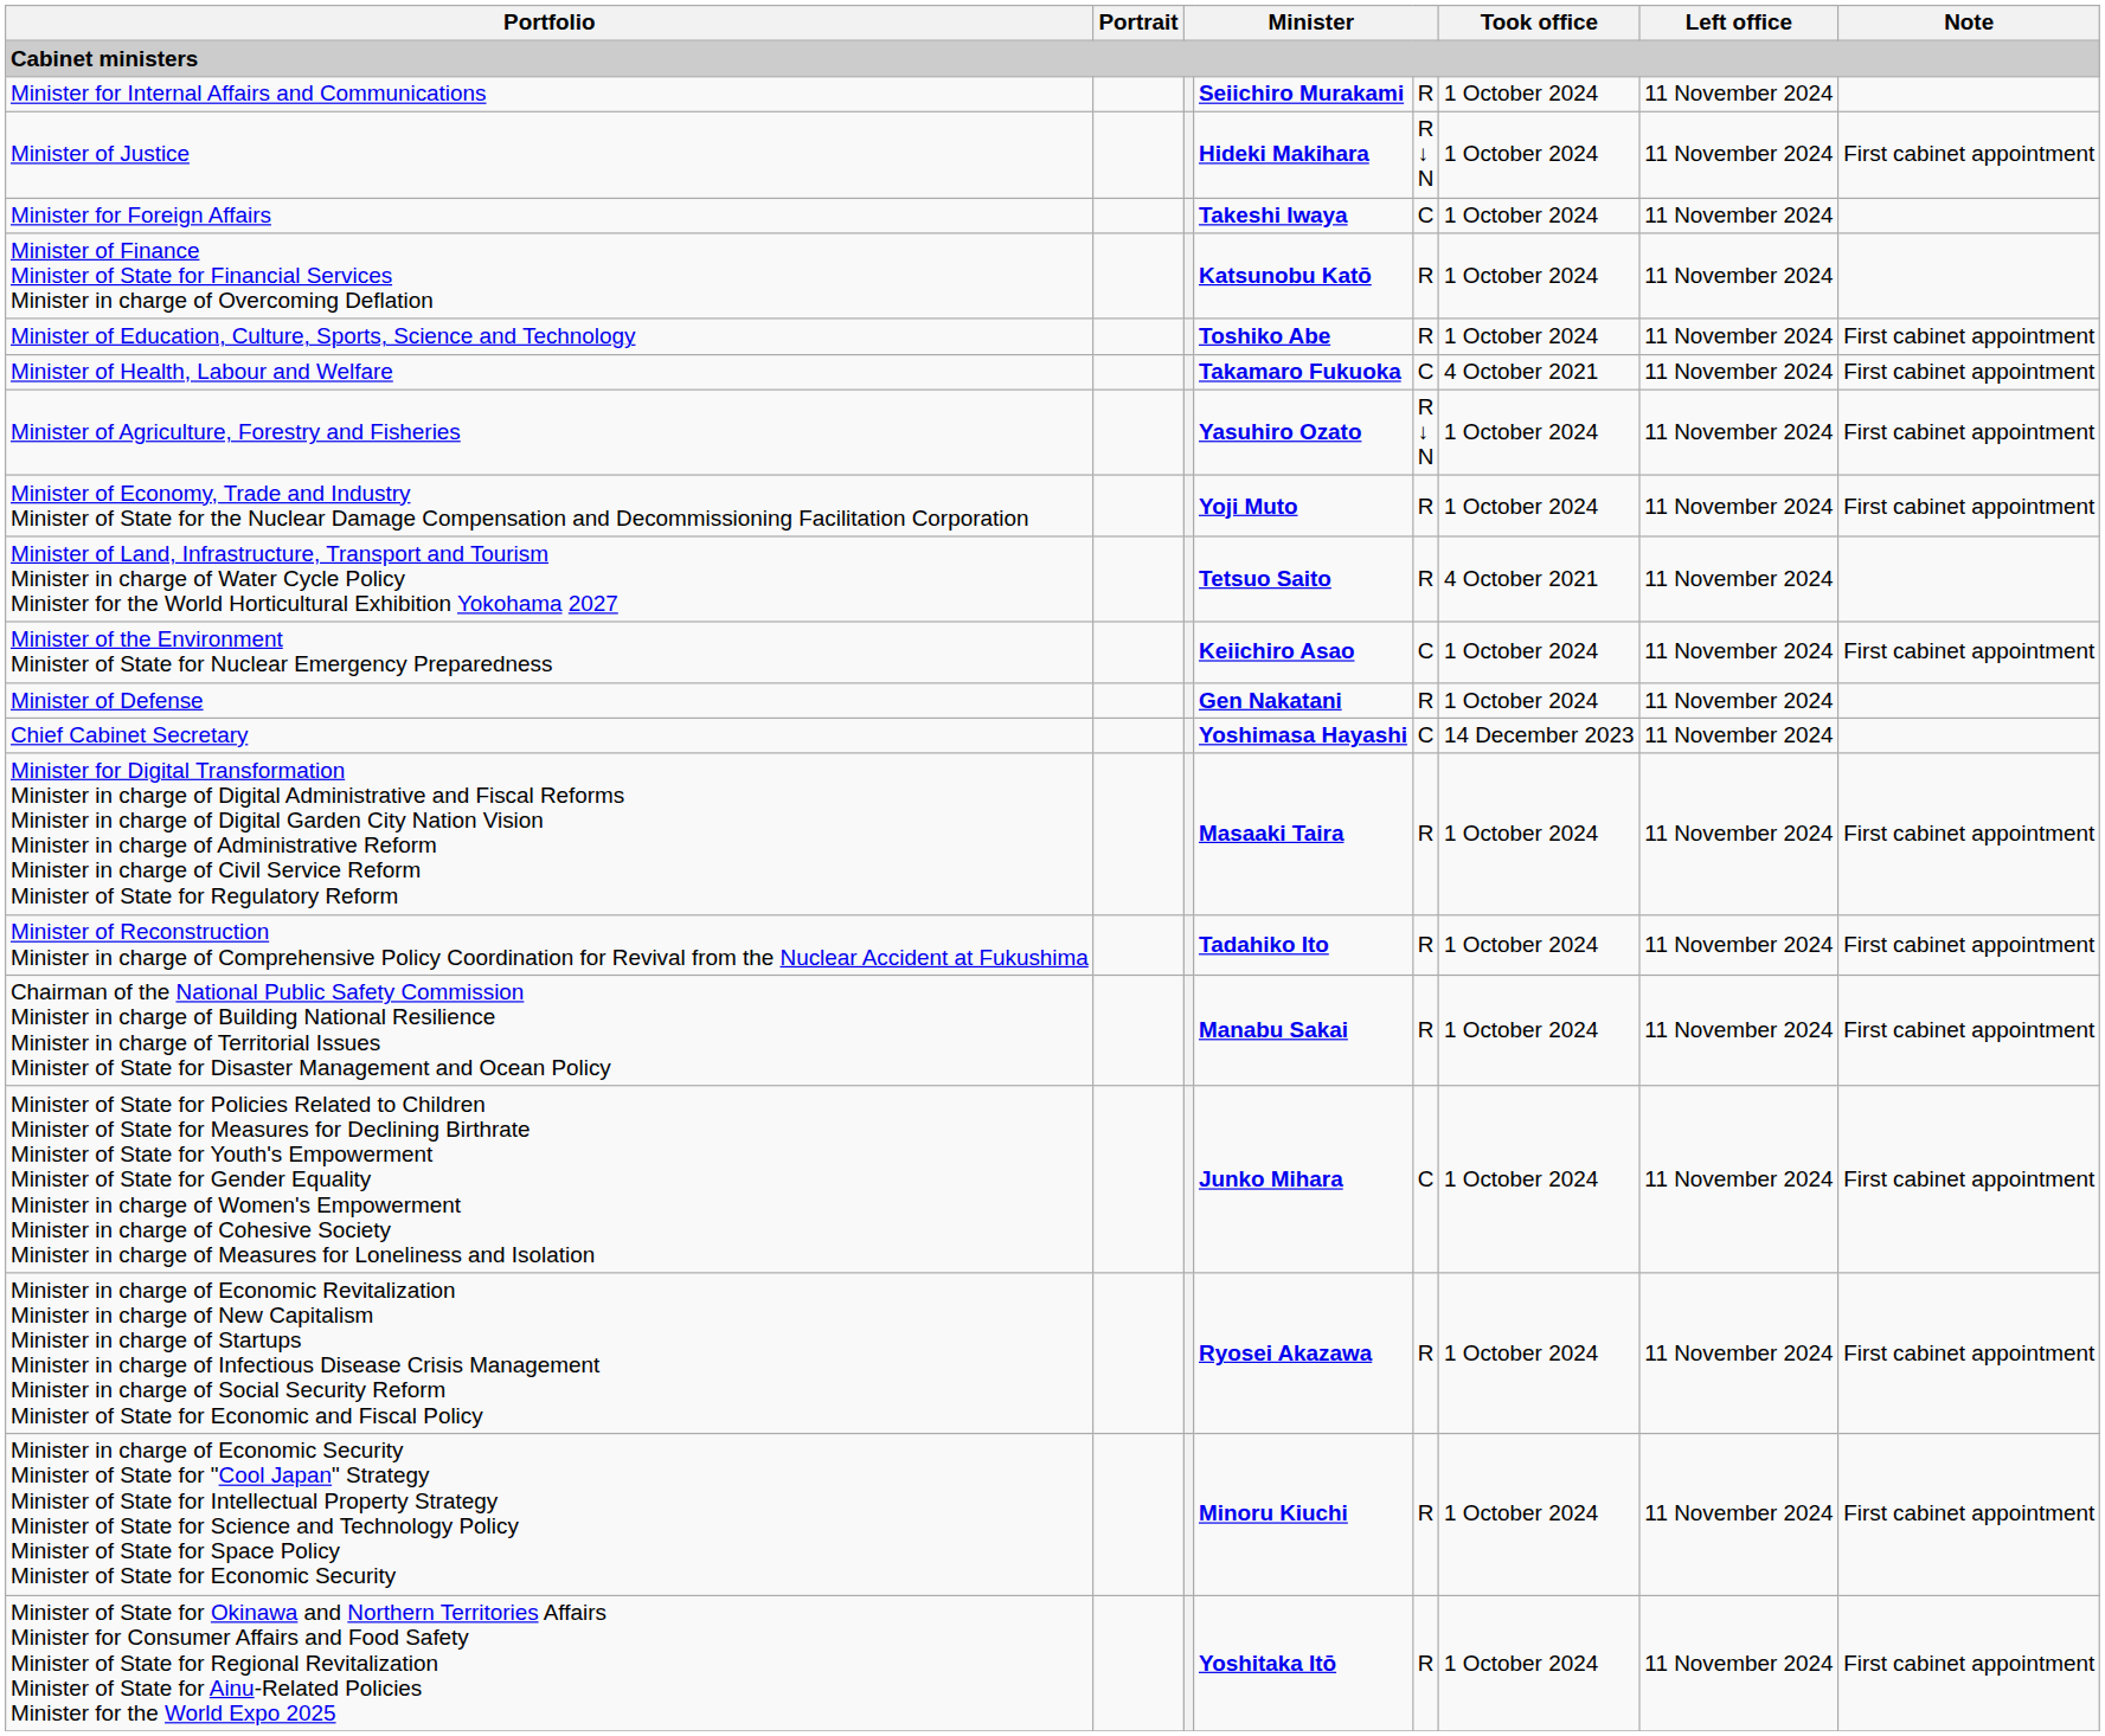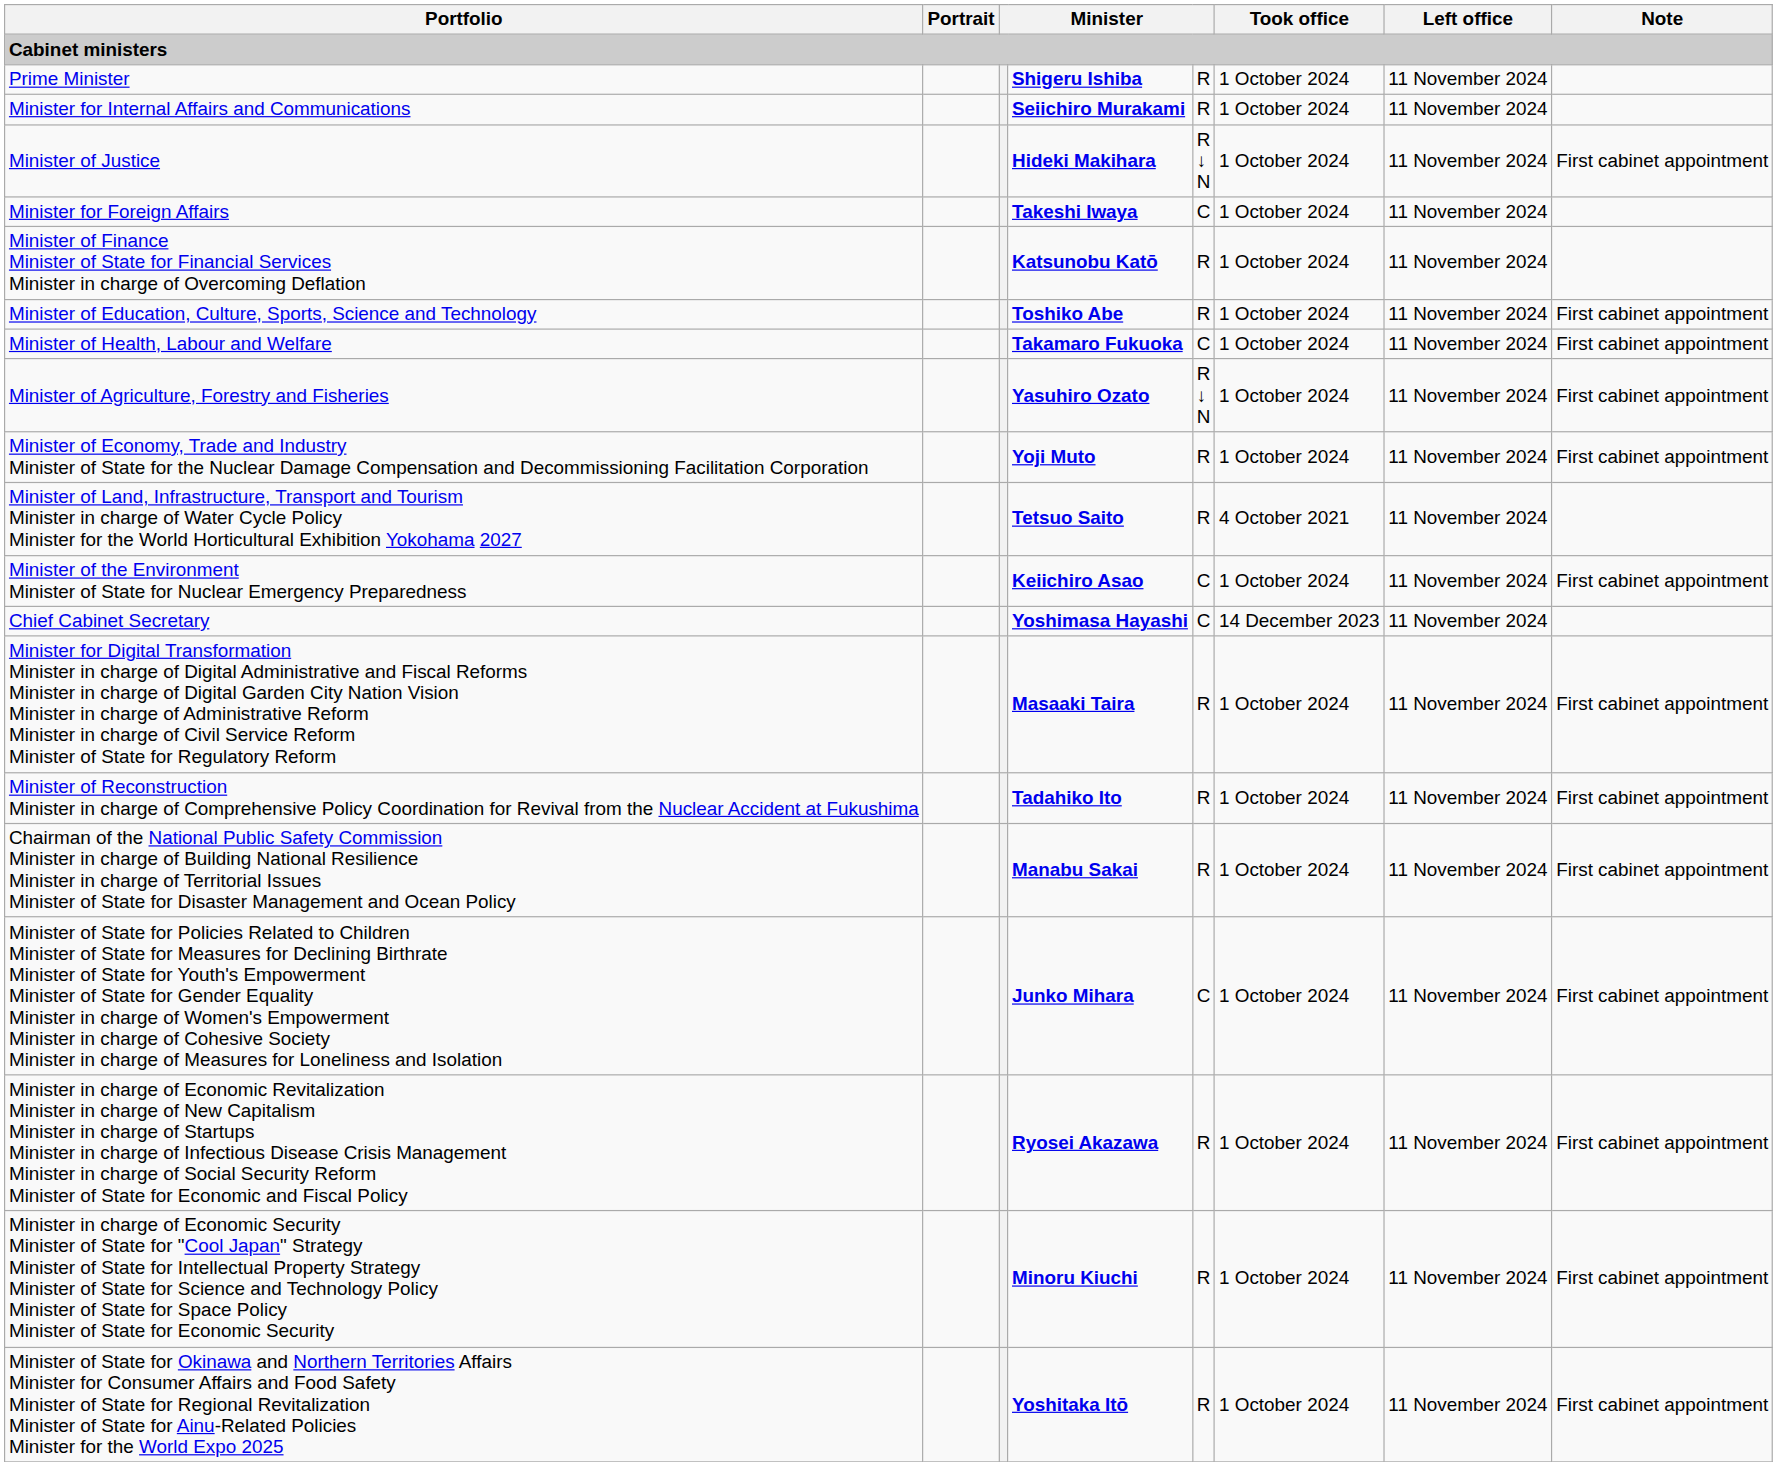 <table class="wikitable">
 <tr>
 <th>Portfolio</th>
 <th>Portrait</th>
 <th colspan=3>Minister</th>
 <th>Took office</th>
 <th>Left office</th>
 <th>Note</th>
 </tr>
 <tr>
 <td colspan="8" style="background:#ccc;"><strong>Cabinet ministers</strong></td>
+</tr>
+<tr>
+<td><a href='#'>Prime Minister</a></td>
+<td style="text-align:center;"></td>
+<th style="color:inherit;background-color: "></th>
+<td><strong><a href='#'>Shigeru Ishiba</a></strong></td>
+<td>R</td>
+<td>1 October 2024</td>
+<td>11 November 2024</td>
+<td></td>
 </tr>
 <tr>
 <td><a href='#'>Minister for Internal Affairs and Communications</a></td>
 <td style="text-align:center;"></td>
 <th style="color:inherit;background-color: "></th>
 <td><strong><a href='#'>Seiichiro Murakami</a></strong></td>
 <td>R</td>
 <td>1 October 2024</td>
 <td>11 November 2024</td>
 <td></td>
 </tr>
 <tr>
 <td><a href='#'>Minister of Justice</a></td>
 <td style="text-align:center;"></td>
 <th style="color:inherit;background-color: "></th>
 <td><strong><a href='#'>Hideki Makihara</a></strong></td>
 <td>R<br>↓<br>N</td>
 <td>1 October 2024</td>
 <td>11 November 2024</td>
 <td>First cabinet appointment</td>
 </tr>
 <tr>
 <td><a href='#'>Minister for Foreign Affairs</a></td>
 <td style="text-align:center;"></td>
 <th style="color:inherit;background-color: "></th>
 <td><strong><a href='#'>Takeshi Iwaya</a></strong></td>
 <td>C</td>
 <td>1 October 2024</td>
 <td>11 November 2024</td>
 <td></td>
 </tr>
 <tr>
 <td><a href='#'>Minister of Finance</a><br><a href='#'>Minister of State for Financial Services</a><br>Minister in charge of Overcoming Deflation</td>
 <td style="text-align:center;"></td>
 <th style="color:inherit;background-color: "></th>
 <td><strong><a href='#'>Katsunobu Katō</a></strong></td>
 <td>R</td>
 <td>1 October 2024</td>
 <td>11 November 2024</td>
 <td></td>
 </tr>
 <tr>
 <td><a href='#'>Minister of Education, Culture, Sports, Science and Technology</a></td>
 <td style="text-align:center;"></td>
 <th style="color:inherit;background-color: "></th>
 <td><strong><a href='#'>Toshiko Abe</a></strong></td>
 <td>R</td>
 <td>1 October 2024</td>
 <td>11 November 2024</td>
 <td>First cabinet appointment</td>
 </tr>
 <tr>
 <td><a href='#'>Minister of Health, Labour and Welfare</a></td>
 <td style="text-align:center;"></td>
 <th style="color:inherit;background-color: "></th>
 <td><strong><a href='#'>Takamaro Fukuoka</a></strong></td>
 <td>C</td>
-<td>4 October 2021</td>
+<td>1 October 2024</td>
 <td>11 November 2024</td>
 <td>First cabinet appointment</td>
 </tr>
 <tr>
 <td><a href='#'>Minister of Agriculture, Forestry and Fisheries</a></td>
 <td style="text-align:center;"></td>
 <th style="color:inherit;background-color: "></th>
 <td><strong><a href='#'>Yasuhiro Ozato</a></strong></td>
 <td>R<br>↓<br>N</td>
 <td>1 October 2024</td>
 <td>11 November 2024</td>
 <td>First cabinet appointment</td>
 </tr>
 <tr>
 <td><a href='#'>Minister of Economy, Trade and Industry</a><br>Minister of State for the Nuclear Damage Compensation and Decommissioning Facilitation Corporation</td>
 <td style="text-align:center;"></td>
 <th style="color:inherit;background-color: "></th>
 <td><strong><a href='#'>Yoji Muto</a></strong></td>
 <td>R</td>
 <td>1 October 2024</td>
 <td>11 November 2024</td>
 <td>First cabinet appointment</td>
 </tr>
 <tr>
 <td><a href='#'>Minister of Land, Infrastructure, Transport and Tourism</a><br>Minister in charge of Water Cycle Policy<br>Minister for the World Horticultural Exhibition <a href='#'>Yokohama</a> <a href='#'>2027</a></td>
 <td style="text-align:center;"></td>
 <th style="color:inherit;background-color: "></th>
 <td><strong><a href='#'>Tetsuo Saito</a></strong></td>
 <td>R</td>
 <td>4 October 2021</td>
 <td>11 November 2024</td>
 <td></td>
 </tr>
 <tr>
 <td><a href='#'>Minister of the Environment</a><br>Minister of State for Nuclear Emergency Preparedness</td>
 <td style="text-align:center;"></td>
 <th style="color:inherit;background-color: "></th>
 <td><strong><a href='#'>Keiichiro Asao</a></strong></td>
 <td>C</td>
 <td>1 October 2024</td>
 <td>11 November 2024</td>
 <td>First cabinet appointment</td>
-</tr>
-<tr>
-<td><a href='#'>Minister of Defense</a></td>
-<td style="text-align:center;"></td>
-<th style="color:inherit;background-color: "></th>
-<td><strong><a href='#'>Gen Nakatani</a></strong></td>
-<td>R</td>
-<td>1 October 2024</td>
-<td>11 November 2024</td>
-<td></td>
 </tr>
 <tr>
 <td><a href='#'>Chief Cabinet Secretary</a></td>
 <td style="text-align:center;"></td>
 <th style="color:inherit;background-color: "></th>
 <td><strong><a href='#'>Yoshimasa Hayashi</a></strong></td>
 <td>C</td>
 <td>14 December 2023</td>
 <td>11 November 2024</td>
 <td></td>
 </tr>
 <tr>
 <td><a href='#'>Minister for Digital Transformation</a><br>Minister in charge of Digital Administrative and Fiscal Reforms<br>Minister in charge of Digital Garden City Nation Vision<br>Minister in charge of Administrative Reform<br>Minister in charge of Civil Service Reform<br>Minister of State for Regulatory Reform</td>
 <td style="text-align:center;"></td>
 <th style="color:inherit;background-color: "></th>
 <td><strong><a href='#'>Masaaki Taira</a></strong></td>
 <td>R</td>
 <td>1 October 2024</td>
 <td>11 November 2024</td>
 <td>First cabinet appointment</td>
 </tr>
 <tr>
 <td><a href='#'>Minister of Reconstruction</a><br>Minister in charge of Comprehensive Policy Coordination for Revival from the <a href='#'>Nuclear Accident at Fukushima</a></td>
 <td style="text-align:center;"></td>
 <th style="color:inherit;background-color: "></th>
 <td><strong><a href='#'>Tadahiko Ito</a></strong></td>
 <td>R</td>
 <td>1 October 2024</td>
 <td>11 November 2024</td>
 <td>First cabinet appointment</td>
 </tr>
 <tr>
 <td>Chairman of the <a href='#'>National Public Safety Commission</a><br>Minister in charge of Building National Resilience<br>Minister in charge of Territorial Issues<br>Minister of State for Disaster Management and Ocean Policy</td>
 <td style="text-align:center;"></td>
 <th style="color:inherit;background-color: "></th>
 <td><strong><a href='#'>Manabu Sakai</a></strong></td>
 <td>R</td>
 <td>1 October 2024</td>
 <td>11 November 2024</td>
 <td>First cabinet appointment</td>
 </tr>
 <tr>
 <td>Minister of State for Policies Related to Children<br>Minister of State for Measures for Declining Birthrate<br>Minister of State for Youth's Empowerment<br>Minister of State for Gender Equality<br>Minister in charge of Women's Empowerment<br>Minister in charge of Cohesive Society<br>Minister in charge of Measures for Loneliness and Isolation</td>
 <td style="text-align:center;"></td>
 <th style="color:inherit;background-color: "></th>
 <td><strong><a href='#'>Junko Mihara</a></strong></td>
 <td>C</td>
 <td>1 October 2024</td>
 <td>11 November 2024</td>
 <td>First cabinet appointment</td>
 </tr>
 <tr>
 <td>Minister in charge of Economic Revitalization<br>Minister in charge of New Capitalism<br>Minister in charge of Startups<br>Minister in charge of Infectious Disease Crisis Management<br>Minister in charge of Social Security Reform<br>Minister of State for Economic and Fiscal Policy</td>
 <td style="text-align:center;"></td>
 <th style="color:inherit;background-color: "></th>
 <td><strong><a href='#'>Ryosei Akazawa</a></strong></td>
 <td>R</td>
 <td>1 October 2024</td>
 <td>11 November 2024</td>
 <td>First cabinet appointment</td>
 </tr>
 <tr>
 <td>Minister in charge of Economic Security<br>Minister of State for "<a href='#'>Cool Japan</a>" Strategy<br>Minister of State for Intellectual Property Strategy<br>Minister of State for Science and Technology Policy<br>Minister of State for Space Policy<br>Minister of State for Economic Security</td>
 <td style="text-align:center;"></td>
 <th style="color:inherit;background-color: "></th>
 <td><strong><a href='#'>Minoru Kiuchi</a></strong></td>
 <td>R</td>
 <td>1 October 2024</td>
 <td>11 November 2024</td>
 <td>First cabinet appointment</td>
 </tr>
 <tr>
 <td>Minister of State for <a href='#'>Okinawa</a> and <a href='#'>Northern Territories</a> Affairs<br>Minister for Consumer Affairs and Food Safety<br>Minister of State for Regional Revitalization<br>Minister of State for <a href='#'>Ainu</a>-Related Policies<br>Minister for the <a href='#'>World Expo 2025</a></td>
 <td style="text-align:center;"></td>
 <th style="color:inherit;background-color: "></th>
 <td><strong><a href='#'>Yoshitaka Itō</a></strong></td>
 <td>R</td>
 <td>1 October 2024</td>
 <td>11 November 2024</td>
 <td>First cabinet appointment</td>
 </tr>
 </table>
